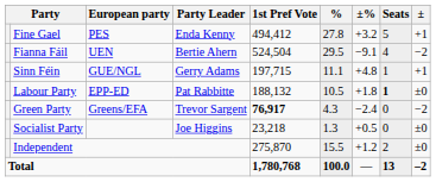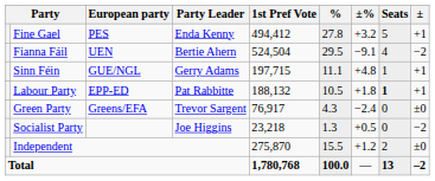 <table class="wikitable">
 <tr style="background-color:#C9C9C9">
 <th colspan=2>Party</th>
 <th>European party</th>
 <th>Party Leader</th>
 <th>1st Pref Vote</th>
 <th>%</th>
 <th>±%</th>
 <th>Seats</th>
 <th>±</th>
 </tr>
 <tr>
 <th style="background-color: "></th>
 <td><a href='#'>Fine Gael</a></td>
 <td><a href='#'>PES</a></td>
 <td><a href='#'>Enda Kenny</a></td>
 <td>494,412</td>
 <td style="background-color:#EEEEEE">27.8</td>
 <td>+3.2</td>
 <td style="background-color:#EEEEEE">5</td>
 <td>+1</td>
 </tr>
 <tr>
 <th style="background-color: "></th>
 <td><a href='#'>Fianna Fáil</a></td>
 <td><a href='#'>UEN</a></td>
 <td><a href='#'>Bertie Ahern</a></td>
 <td>524,504</td>
 <td style="background-color:#EEEEEE">29.5</td>
 <td>−9.1</td>
 <td style="background-color:#EEEEEE">4</td>
 <td>−2</td>
 </tr>
 <tr>
 <th style="background-color: "></th>
 <td><a href='#'>Sinn Féin</a></td>
 <td><a href='#'>GUE/NGL</a></td>
 <td><a href='#'>Gerry Adams</a></td>
 <td>197,715</td>
 <td style="background-color:#EEEEEE">11.1</td>
 <td>+4.8</td>
 <td style="background-color:#EEEEEE">1</td>
 <td>+1</td>
 </tr>
 <tr>
 <th style="background-color: "></th>
 <td><a href='#'>Labour Party</a></td>
 <td><a href='#'>EPP-ED</a></td>
 <td><a href='#'>Pat Rabbitte</a></td>
 <td>188,132</td>
 <td style="background-color:#EEEEEE">10.5</td>
 <td>+1.8</td>
 <td style="background-color:#EEEEEE"><strong>1</strong></td>
-<td>±0</td>
+<td>+1</td>
 </tr>
 <tr>
 <th style="background-color: "></th>
 <td><a href='#'>Green Party</a></td>
 <td><a href='#'>Greens/EFA</a></td>
 <td><a href='#'>Trevor Sargent</a></td>
-<td><strong>76,917</strong></td>
+<td>76,917</td>
 <td style="background-color:#EEEEEE">4.3</td>
 <td>−2.4</td>
 <td style="background-color:#EEEEEE">0</td>
-<td>−2</td>
+<td>±0</td>
 </tr>
 <tr>
 <th style="background-color: "></th>
 <td><a href='#'>Socialist Party</a></td>
 <td></td>
 <td><a href='#'>Joe Higgins</a></td>
 <td>23,218</td>
 <td style="background-color:#EEEEEE">1.3</td>
 <td>+0.5</td>
 <td style="background-color:#EEEEEE">0</td>
-<td>±0</td>
+<td>−2</td>
 </tr>
 <tr>
 <th style="background-color: "></th>
 <td colspan=3><a href='#'>Independent</a></td>
 <td>275,870</td>
 <td style="background-color:#EEEEEE">15.5</td>
 <td>+1.2</td>
 <td style="background-color:#EEEEEE">2</td>
 <td>±0</td>
 </tr>
 <tr>
 <td colspan=4><strong>Total</strong></td>
 <td><strong>1,780,768</strong></td>
 <td style="background-color:#EEEEEE"><strong>100.0</strong></td>
 <td align=center>—</td>
 <td style="background-color:#EEEEEE"><strong>13</strong></td>
 <td><strong>–2</strong></td>
 </tr>
 </table>
